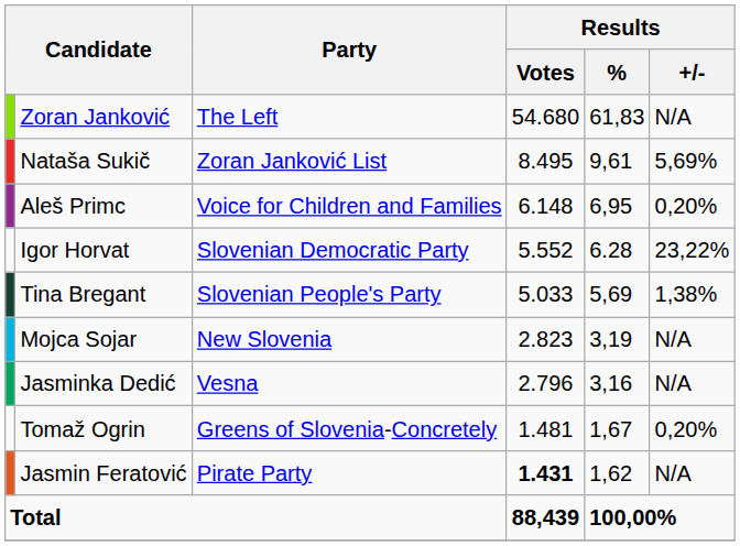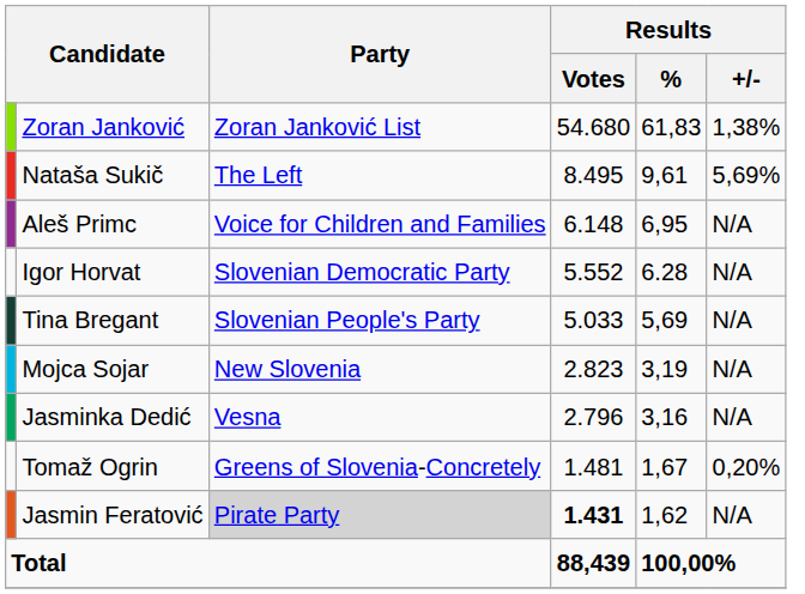 <table class="wikitable" style="line-height:25px;">
 <tr>
 <th colspan="2" rowspan="2">Candidate</th>
 <th colspan="1" rowspan="2">Party</th>
 <th colspan="4">Results</th>
 </tr>
 <tr>
 <th>Votes</th>
 <th>%</th>
 <th>+/-</th>
 </tr>
 <tr>
 <td style="background:#87e002"></td>
 <td><a href='#'>Zoran Janković</a></td>
-<td><a href='#'>The Left</a></td>
+<td><a href='#'>Zoran Janković List</a></td>
 <td style="text-align:center;">54.680</td>
 <td>61,83</td>
-<td>N/A</td>
+<td> 1,38%</td>
 </tr>
 <tr>
 <td style="background:#e82c25"></td>
 <td>Nataša Sukič</td>
-<td><a href='#'>Zoran Janković List</a></td>
+<td><a href='#'>The Left</a></td>
 <td style="text-align:center;">8.495</td>
 <td>9,61</td>
 <td> 5,69%</td>
 </tr>
 <tr>
 <td style="background:#902b8e"></td>
 <td>Aleš Primc</td>
 <td><a href='#'>Voice for Children and Families</a></td>
 <td style="text-align:center;">6.148</td>
 <td>6,95</td>
-<td> 0,20%</td>
+<td>N/A</td>
 </tr>
 <tr>
 <td style="background:"></td>
 <td>Igor Horvat</td>
 <td><a href='#'>Slovenian Democratic Party</a></td>
 <td style="text-align:center;">5.552</td>
 <td>6.28</td>
-<td> 23,22%</td>
+<td>N/A</td>
 </tr>
 <tr>
 <td style="background:#153f35"></td>
 <td>Tina Bregant</td>
 <td><a href='#'>Slovenian People's Party</a></td>
 <td style="text-align:center;">5.033</td>
 <td>5,69</td>
-<td> 1,38%</td>
+<td>N/A</td>
 </tr>
 <tr>
 <td style="background:#00b5dd"></td>
 <td>Mojca Sojar</td>
 <td><a href='#'>New Slovenia</a></td>
 <td style="text-align:center;">2.823</td>
 <td>3,19</td>
 <td>N/A</td>
 </tr>
 <tr>
 <td style="background:#00a65e"></td>
 <td>Jasminka Dedić</td>
 <td><a href='#'>Vesna</a></td>
 <td style="text-align:center;">2.796</td>
 <td>3,16</td>
 <td>N/A</td>
 </tr>
 <tr>
 <td style="background:"></td>
 <td>Tomaž Ogrin</td>
 <td><a href='#'>Greens of Slovenia</a>-<a href='#'>Concretely</a></td>
 <td style="text-align:center;">1.481</td>
 <td>1,67</td>
 <td> 0,20%</td>
 </tr>
 <tr>
 <td style="background:#E25822"></td>
 <td>Jasmin Feratović</td>
-<td><a href='#'>Pirate Party</a></td>
+<td style="background: lightgrey;"><a href='#'>Pirate Party</a></td>
 <td style="text-align:center;"><strong>1.431</strong></td>
 <td>1,62</td>
 <td>N/A</td>
 </tr>
 <tr>
 <td colspan="3"><strong>Total</strong></td>
 <td style="text-align:center;"><strong>88,439</strong></td>
 <td colspan="2"><strong>100,00%</strong></td>
 </tr>
 <tr>
 </tr>
 </table>
